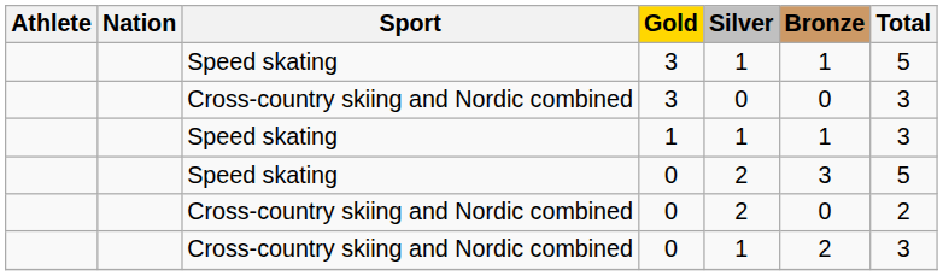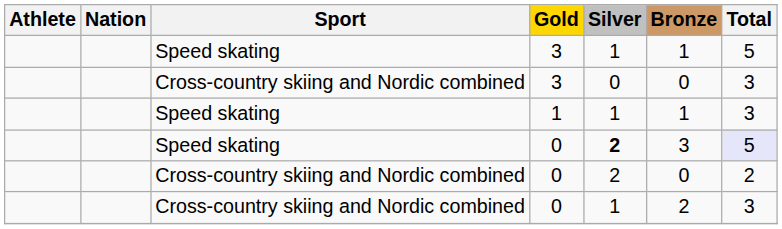 <table class="wikitable sortable" style="text-align:center">
 <tr>
 <th>Athlete</th>
 <th>Nation</th>
 <th>Sport</th>
 <th style="background-color: gold"><strong>Gold</strong></th>
 <th style="background-color: silver"><strong>Silver</strong></th>
 <th style="background-color: #cc9966"><strong>Bronze</strong></th>
 <th>Total</th>
 </tr>
 <tr>
 <td align=left></td>
 <td align=left></td>
 <td align=left>Speed skating</td>
 <td>3</td>
 <td>1</td>
 <td>1</td>
 <td>5</td>
 </tr>
 <tr>
 <td align=left></td>
 <td align=left></td>
 <td align=left>Cross-country skiing and Nordic combined</td>
 <td>3</td>
 <td>0</td>
 <td>0</td>
 <td>3</td>
 </tr>
 <tr>
 <td align=left></td>
 <td align=left></td>
 <td align=left>Speed skating</td>
 <td>1</td>
 <td>1</td>
 <td>1</td>
 <td>3</td>
 </tr>
 <tr>
 <td align=left></td>
 <td align=left></td>
 <td align=left>Speed skating</td>
 <td>0</td>
-<td>2</td>
+<td><strong>2</strong></td>
 <td>3</td>
-<td>5</td>
+<td style="background: lavender;">5</td>
 </tr>
 <tr>
 <td align=left></td>
 <td align=left></td>
 <td align=left>Cross-country skiing and Nordic combined</td>
 <td>0</td>
 <td>2</td>
 <td>0</td>
 <td>2</td>
 </tr>
 <tr>
 <td align=left></td>
 <td align=left></td>
 <td align=left>Cross-country skiing and Nordic combined</td>
 <td>0</td>
 <td>1</td>
 <td>2</td>
 <td>3</td>
 </tr>
 <tr>
 </tr>
 </table>
